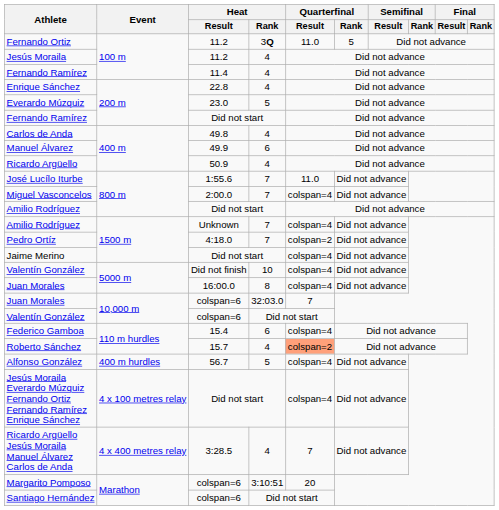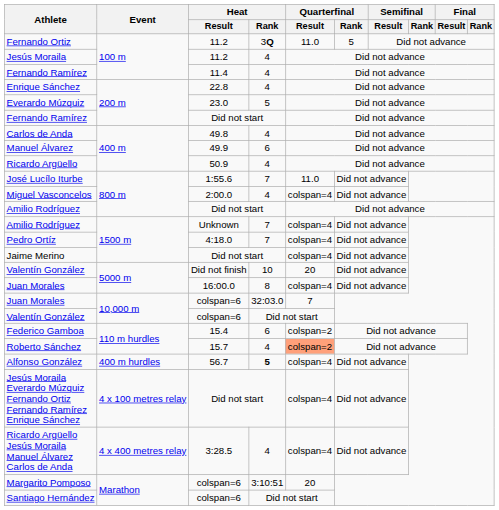 <table class="wikitable" style="font-size:90%">
 <tr>
 <th rowspan="2">Athlete</th>
 <th rowspan="2">Event</th>
 <th colspan="2">Heat</th>
 <th colspan="2">Quarterfinal</th>
 <th colspan="2">Semifinal</th>
 <th colspan="2">Final</th>
 </tr>
 <tr style="font-size:95%">
 <th>Result</th>
 <th>Rank</th>
 <th>Result</th>
 <th>Rank</th>
 <th>Result</th>
 <th>Rank</th>
 <th>Result</th>
 <th>Rank</th>
 </tr>
 <tr align=center>
 <td align=left><a href='#'>Fernando Ortiz</a></td>
 <td align=left rowspan=3><a href='#'>100 m</a></td>
 <td>11.2</td>
 <td>3<strong>Q</strong></td>
 <td>11.0</td>
 <td>5</td>
 <td colspan=4>Did not advance</td>
 </tr>
 <tr align=center>
 <td align=left><a href='#'>Jesús Moraila</a></td>
 <td>11.2</td>
 <td>4</td>
 <td colspan=6>Did not advance</td>
 </tr>
 <tr align=center>
 <td align=left><a href='#'>Fernando Ramírez</a></td>
 <td>11.4</td>
 <td>4</td>
 <td colspan=6>Did not advance</td>
 </tr>
 <tr align=center>
 <td align=left><a href='#'>Enrique Sánchez</a></td>
 <td align=left rowspan=3><a href='#'>200 m</a></td>
 <td>22.8</td>
 <td>4</td>
 <td colspan=6>Did not advance</td>
 </tr>
 <tr align=center>
 <td align=left><a href='#'>Everardo Múzquiz</a></td>
 <td>23.0</td>
 <td>5</td>
 <td colspan=6>Did not advance</td>
 </tr>
 <tr align=center>
 <td align=left><a href='#'>Fernando Ramírez</a></td>
 <td colspan=2>Did not start</td>
 <td colspan=6>Did not advance</td>
 </tr>
 <tr align=center>
 <td align=left><a href='#'>Carlos de Anda</a></td>
 <td align=left rowspan=3><a href='#'>400 m</a></td>
 <td>49.8</td>
 <td>4</td>
 <td colspan=6>Did not advance</td>
 </tr>
 <tr align=center>
 <td align=left><a href='#'>Manuel Álvarez</a></td>
 <td>49.9</td>
 <td>6</td>
 <td colspan=6>Did not advance</td>
 </tr>
 <tr align=center>
 <td align=left><a href='#'>Ricardo Argüello</a></td>
 <td>50.9</td>
 <td>4</td>
 <td colspan=6>Did not advance</td>
 </tr>
 <tr align=center>
 <td align=left><a href='#'>José Lucílo Iturbe</a></td>
 <td align=left rowspan=3><a href='#'>800 m</a></td>
 <td>1:55.6</td>
 <td>7</td>
 <td>11.0</td>
 <td colspan=2>Did not advance</td>
 </tr>
 <tr align=center>
 <td align=left><a href='#'>Miguel Vasconcelos</a></td>
 <td>2:00.0</td>
-<td>7</td>
+<td>4</td>
 <td>colspan=4 </td>
 <td colspan=2>Did not advance</td>
 </tr>
 <tr align=center>
 <td align=left><a href='#'>Amilio Rodríguez</a></td>
 <td colspan=2>Did not start</td>
 <td colspan=6>Did not advance</td>
 </tr>
 <tr align=center>
 <td align=left><a href='#'>Amilio Rodríguez</a></td>
 <td align=left rowspan=3><a href='#'>1500 m</a></td>
 <td>Unknown</td>
 <td>7</td>
 <td>colspan=4 </td>
 <td colspan=2>Did not advance</td>
 </tr>
 <tr align=center>
 <td align=left><a href='#'>Pedro Ortíz</a></td>
 <td>4:18.0</td>
 <td>7</td>
-<td>colspan=2 </td>
+<td>colspan=4 </td>
 <td colspan=2>Did not advance</td>
 </tr>
 <tr align=center>
 <td align=left>Jaime Merino</td>
 <td colspan=2>Did not start</td>
 <td>colspan=4 </td>
 <td colspan=2>Did not advance</td>
 </tr>
 <tr align=center>
 <td align=left><a href='#'>Valentín González</a></td>
 <td align=left rowspan=2><a href='#'>5000 m</a></td>
 <td>Did not finish</td>
 <td>10</td>
-<td>colspan=4 </td>
+<td>20</td>
 <td colspan=2>Did not advance</td>
 </tr>
 <tr align=center>
 <td align=left><a href='#'>Juan Morales</a></td>
 <td>16:00.0</td>
 <td>8</td>
 <td>colspan=4 </td>
 <td colspan=2>Did not advance</td>
 </tr>
 <tr align=center>
 <td align=left><a href='#'>Juan Morales</a></td>
 <td align=left rowspan=2><a href='#'>10,000 m</a></td>
 <td>colspan=6 </td>
 <td>32:03.0</td>
 <td>7</td>
 </tr>
 <tr align=center>
 <td align=left><a href='#'>Valentín González</a></td>
 <td>colspan=6 </td>
 <td colspan=2>Did not start</td>
 </tr>
 <tr align=center>
 <td align=left><a href='#'>Federico Gamboa</a></td>
 <td align=left rowspan=2><a href='#'>110 m hurdles</a></td>
 <td>15.4</td>
 <td>6</td>
-<td>colspan=4 </td>
+<td>colspan=2 </td>
 <td colspan=4>Did not advance</td>
 </tr>
 <tr align=center>
 <td align=left><a href='#'>Roberto Sánchez</a></td>
 <td>15.7</td>
 <td>4</td>
 <td style="background: lightsalmon;">colspan=2 </td>
 <td colspan=4>Did not advance</td>
 </tr>
 <tr align=center>
 <td align=left><a href='#'>Alfonso González</a></td>
 <td align=left><a href='#'>400 m hurdles</a></td>
 <td>56.7</td>
-<td>5</td>
+<td><strong>5</strong></td>
 <td>colspan=4 </td>
 <td colspan=2>Did not advance</td>
 </tr>
 <tr align=center>
 <td align=left><a href='#'>Jesús Moraila</a><br><a href='#'>Everardo Múzquiz</a><br><a href='#'>Fernando Ortiz</a><br><a href='#'>Fernando Ramírez</a><br><a href='#'>Enrique Sánchez</a></td>
 <td align=left><a href='#'>4 x 100 metres relay</a></td>
 <td colspan=2>Did not start</td>
 <td>colspan=4 </td>
 <td colspan=2>Did not advance</td>
 </tr>
 <tr align=center>
 <td align=left><a href='#'>Ricardo Argüello</a><br><a href='#'>Jesús Moraila</a><br><a href='#'>Manuel Álvarez</a><br><a href='#'>Carlos de Anda</a></td>
 <td align=left><a href='#'>4 x 400 metres relay</a></td>
 <td>3:28.5</td>
 <td>4</td>
-<td>7</td>
+<td>colspan=4 </td>
 <td colspan=2>Did not advance</td>
 </tr>
 <tr align=center>
 <td align=left><a href='#'>Margarito Pomposo</a></td>
 <td align=left rowspan=2><a href='#'>Marathon</a></td>
 <td>colspan=6 </td>
 <td>3:10:51</td>
 <td>20</td>
 </tr>
 <tr align=center>
 <td align=left><a href='#'>Santiago Hernández</a></td>
 <td>colspan=6 </td>
 <td colspan=2>Did not start</td>
 </tr>
 </table>
